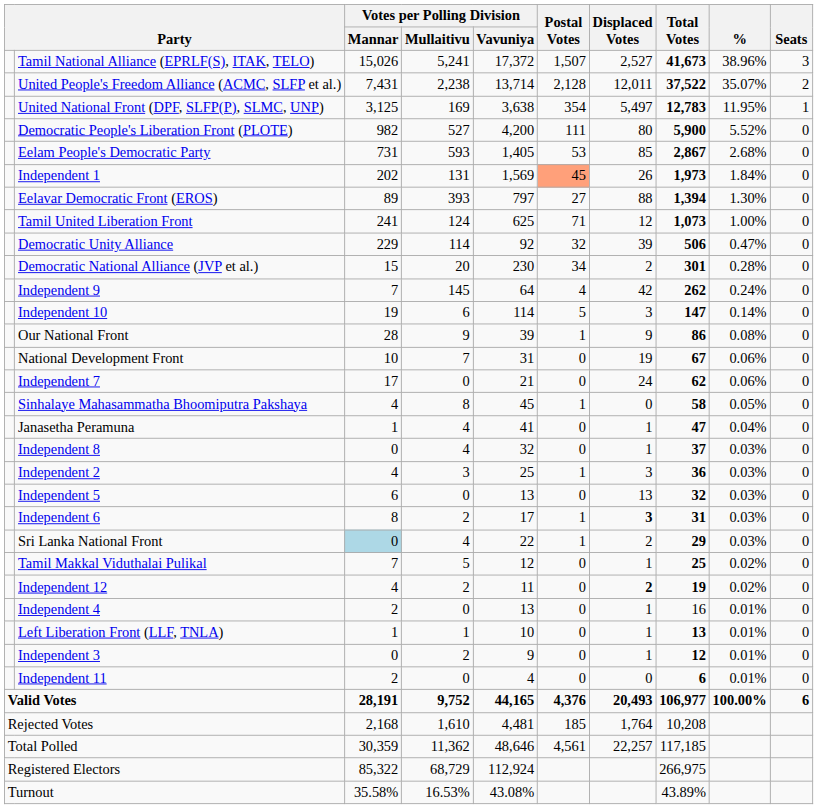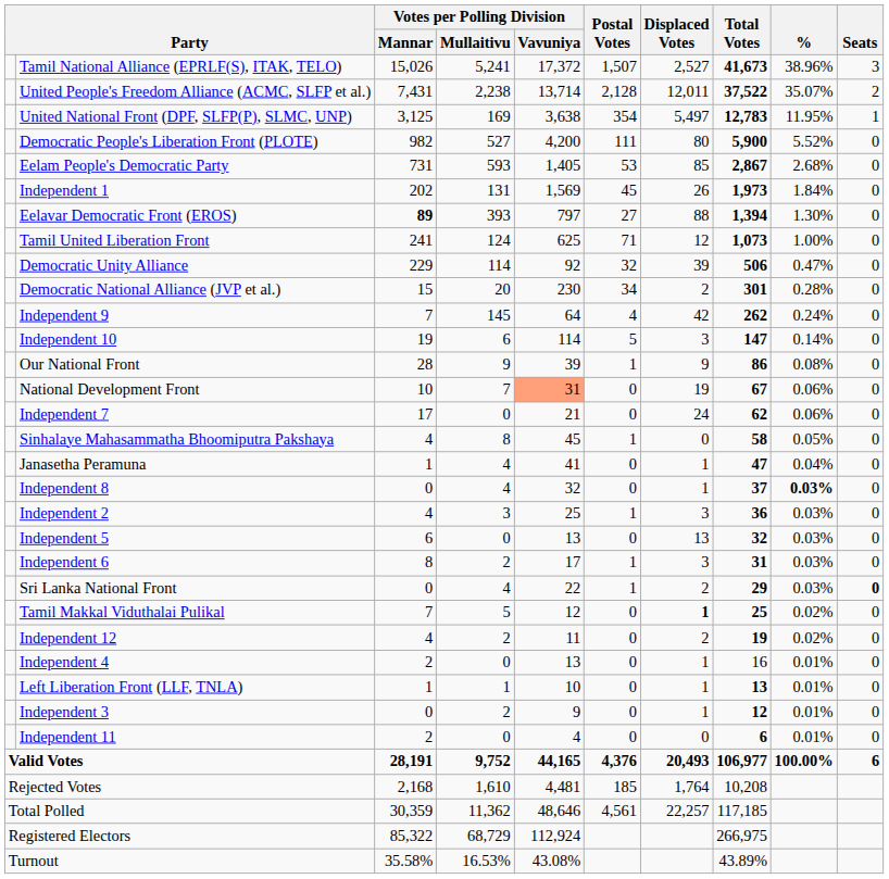 <table class="wikitable" border="1" style="text-align:right;">
 <tr>
 <th align=left valign=bottom rowspan=2 colspan=2>Party</th>
 <th colspan=3>Votes per Polling Division</th>
 <th align=center valign=bottom rowspan=2 width="50">Postal<br>Votes</th>
 <th align=center valign=bottom rowspan=2 width="50">Displaced<br>Votes</th>
 <th align=center valign=bottom rowspan=2 width="50">Total Votes</th>
 <th align=center valign=bottom rowspan=2 width="50">%</th>
 <th align=center valign=bottom rowspan=2 width="40">Seats</th>
 </tr>
 <tr>
 <th align=center valign=bottom width="50">Mannar</th>
 <th align=center valign=bottom width="50">Mullaitivu</th>
 <th align=center valign=bottom width="50">Vavuniya</th>
 </tr>
 <tr>
 <td bgcolor=> </td>
 <td align=left><a href='#'>Tamil National Alliance</a> (<a href='#'>EPRLF(S)</a>, <a href='#'>ITAK</a>, <a href='#'>TELO</a>)</td>
 <td>15,026</td>
 <td>5,241</td>
 <td>17,372</td>
 <td>1,507</td>
 <td>2,527</td>
 <td><strong>41,673</strong></td>
 <td>38.96%</td>
 <td>3</td>
 </tr>
 <tr>
 <td bgcolor=> </td>
 <td align=left><a href='#'>United People's Freedom Alliance</a> (<a href='#'>ACMC</a>, <a href='#'>SLFP</a> et al.)</td>
 <td>7,431</td>
 <td>2,238</td>
 <td>13,714</td>
 <td>2,128</td>
 <td>12,011</td>
 <td><strong>37,522</strong></td>
 <td>35.07%</td>
 <td>2</td>
 </tr>
 <tr>
 <td bgcolor=> </td>
 <td align=left><a href='#'>United National Front</a> (<a href='#'>DPF</a>, <a href='#'>SLFP(P)</a>, <a href='#'>SLMC</a>, <a href='#'>UNP</a>)</td>
 <td>3,125</td>
 <td>169</td>
 <td>3,638</td>
 <td>354</td>
 <td>5,497</td>
 <td><strong>12,783</strong></td>
 <td>11.95%</td>
 <td>1</td>
 </tr>
 <tr>
 <td bgcolor=> </td>
 <td align=left><a href='#'>Democratic People's Liberation Front</a> (<a href='#'>PLOTE</a>)</td>
 <td>982</td>
 <td>527</td>
 <td>4,200</td>
 <td>111</td>
 <td>80</td>
 <td><strong>5,900</strong></td>
 <td>5.52%</td>
 <td>0</td>
 </tr>
 <tr>
 <td bgcolor=> </td>
 <td align=left><a href='#'>Eelam People's Democratic Party</a></td>
 <td>731</td>
 <td>593</td>
 <td>1,405</td>
 <td>53</td>
 <td>85</td>
 <td><strong>2,867</strong></td>
 <td>2.68%</td>
 <td>0</td>
 </tr>
 <tr>
 <td bgcolor=> </td>
 <td align=left><a href='#'>Independent 1</a></td>
 <td>202</td>
 <td>131</td>
 <td>1,569</td>
-<td style="background: lightsalmon;">45</td>
+<td>45</td>
 <td>26</td>
 <td><strong>1,973</strong></td>
 <td>1.84%</td>
 <td>0</td>
 </tr>
 <tr>
 <td bgcolor=> </td>
 <td align=left><a href='#'>Eelavar Democratic Front</a> (<a href='#'>EROS</a>)</td>
-<td>89</td>
+<td><strong>89</strong></td>
 <td>393</td>
 <td>797</td>
 <td>27</td>
 <td>88</td>
 <td><strong>1,394</strong></td>
 <td>1.30%</td>
 <td>0</td>
 </tr>
 <tr>
 <td bgcolor=> </td>
 <td align=left><a href='#'>Tamil United Liberation Front</a></td>
 <td>241</td>
 <td>124</td>
 <td>625</td>
 <td>71</td>
 <td>12</td>
 <td><strong>1,073</strong></td>
 <td>1.00%</td>
 <td>0</td>
 </tr>
 <tr>
 <td bgcolor=> </td>
 <td align=left><a href='#'>Democratic Unity Alliance</a></td>
 <td>229</td>
 <td>114</td>
 <td>92</td>
 <td>32</td>
 <td>39</td>
 <td><strong>506</strong></td>
 <td>0.47%</td>
 <td>0</td>
 </tr>
 <tr>
 <td bgcolor=> </td>
 <td align=left><a href='#'>Democratic National Alliance</a> (<a href='#'>JVP</a> et al.)</td>
 <td>15</td>
 <td>20</td>
 <td>230</td>
 <td>34</td>
 <td>2</td>
 <td><strong>301</strong></td>
 <td>0.28%</td>
 <td>0</td>
 </tr>
 <tr>
 <td bgcolor=> </td>
 <td align=left><a href='#'>Independent 9</a></td>
 <td>7</td>
 <td>145</td>
 <td>64</td>
 <td>4</td>
 <td>42</td>
 <td><strong>262</strong></td>
 <td>0.24%</td>
 <td>0</td>
 </tr>
 <tr>
 <td bgcolor=> </td>
 <td align=left><a href='#'>Independent 10</a></td>
 <td>19</td>
 <td>6</td>
 <td>114</td>
 <td>5</td>
 <td>3</td>
 <td><strong>147</strong></td>
 <td>0.14%</td>
 <td>0</td>
 </tr>
 <tr>
 <td></td>
 <td align=left>Our National Front</td>
 <td>28</td>
 <td>9</td>
 <td>39</td>
 <td>1</td>
 <td>9</td>
 <td><strong>86</strong></td>
 <td>0.08%</td>
 <td>0</td>
 </tr>
 <tr>
 <td></td>
 <td align=left>National Development Front</td>
 <td>10</td>
 <td>7</td>
-<td>31</td>
+<td style="background: lightsalmon;">31</td>
 <td>0</td>
 <td>19</td>
 <td><strong>67</strong></td>
 <td>0.06%</td>
 <td>0</td>
 </tr>
 <tr>
 <td bgcolor=> </td>
 <td align=left><a href='#'>Independent 7</a></td>
 <td>17</td>
 <td>0</td>
 <td>21</td>
 <td>0</td>
 <td>24</td>
 <td><strong>62</strong></td>
 <td>0.06%</td>
 <td>0</td>
 </tr>
 <tr>
 <td bgcolor=> </td>
 <td align=left><a href='#'>Sinhalaye Mahasammatha Bhoomiputra Pakshaya</a></td>
 <td>4</td>
 <td>8</td>
 <td>45</td>
 <td>1</td>
 <td>0</td>
 <td><strong>58</strong></td>
 <td>0.05%</td>
 <td>0</td>
 </tr>
 <tr>
 <td></td>
 <td align=left>Janasetha Peramuna</td>
 <td>1</td>
 <td>4</td>
 <td>41</td>
 <td>0</td>
 <td>1</td>
 <td><strong>47</strong></td>
 <td>0.04%</td>
 <td>0</td>
 </tr>
 <tr>
 <td bgcolor=> </td>
 <td align=left><a href='#'>Independent 8</a></td>
 <td>0</td>
 <td>4</td>
 <td>32</td>
 <td>0</td>
 <td>1</td>
 <td><strong>37</strong></td>
-<td>0.03%</td>
+<td><strong>0.03%</strong></td>
 <td>0</td>
 </tr>
 <tr>
 <td bgcolor=> </td>
 <td align=left><a href='#'>Independent 2</a></td>
 <td>4</td>
 <td>3</td>
 <td>25</td>
 <td>1</td>
 <td>3</td>
 <td><strong>36</strong></td>
 <td>0.03%</td>
 <td>0</td>
 </tr>
 <tr>
 <td bgcolor=> </td>
 <td align=left><a href='#'>Independent 5</a></td>
 <td>6</td>
 <td>0</td>
 <td>13</td>
 <td>0</td>
 <td>13</td>
 <td><strong>32</strong></td>
 <td>0.03%</td>
 <td>0</td>
 </tr>
 <tr>
 <td bgcolor=> </td>
 <td align=left><a href='#'>Independent 6</a></td>
 <td>8</td>
 <td>2</td>
 <td>17</td>
 <td>1</td>
-<td><strong>3</strong></td>
+<td>3</td>
 <td><strong>31</strong></td>
 <td>0.03%</td>
 <td>0</td>
 </tr>
 <tr>
 <td></td>
 <td align=left>Sri Lanka National Front</td>
-<td style="background: lightblue;">0</td>
+<td>0</td>
 <td>4</td>
 <td>22</td>
 <td>1</td>
 <td>2</td>
 <td><strong>29</strong></td>
 <td>0.03%</td>
-<td>0</td>
+<td><strong>0</strong></td>
 </tr>
 <tr>
 <td></td>
 <td align=left><a href='#'>Tamil Makkal Viduthalai Pulikal</a></td>
 <td>7</td>
 <td>5</td>
 <td>12</td>
 <td>0</td>
-<td>1</td>
+<td><strong>1</strong></td>
 <td><strong>25</strong></td>
 <td>0.02%</td>
 <td>0</td>
 </tr>
 <tr>
 <td bgcolor=> </td>
 <td align=left><a href='#'>Independent 12</a></td>
 <td>4</td>
 <td>2</td>
 <td>11</td>
 <td>0</td>
-<td><strong>2</strong></td>
+<td>2</td>
 <td><strong>19</strong></td>
 <td>0.02%</td>
 <td>0</td>
 </tr>
 <tr>
 <td bgcolor=> </td>
 <td align=left><a href='#'>Independent 4</a></td>
 <td>2</td>
 <td>0</td>
 <td>13</td>
 <td>0</td>
 <td>1</td>
 <td>16</td>
 <td>0.01%</td>
 <td>0</td>
 </tr>
 <tr>
 <td bgcolor=> </td>
 <td align=left><a href='#'>Left Liberation Front</a> (<a href='#'>LLF</a>, <a href='#'>TNLA</a>)</td>
 <td>1</td>
 <td>1</td>
 <td>10</td>
 <td>0</td>
 <td>1</td>
 <td><strong>13</strong></td>
 <td>0.01%</td>
 <td>0</td>
 </tr>
 <tr>
 <td bgcolor=> </td>
 <td align=left><a href='#'>Independent 3</a></td>
 <td>0</td>
 <td>2</td>
 <td>9</td>
 <td>0</td>
 <td>1</td>
 <td><strong>12</strong></td>
 <td>0.01%</td>
 <td>0</td>
 </tr>
 <tr>
 <td bgcolor=> </td>
 <td align=left><a href='#'>Independent 11</a></td>
 <td>2</td>
 <td>0</td>
 <td>4</td>
 <td>0</td>
 <td>0</td>
 <td><strong>6</strong></td>
 <td>0.01%</td>
 <td>0</td>
 </tr>
 <tr>
 <td align=left colspan=2><strong>Valid Votes</strong></td>
 <td><strong>28,191</strong></td>
 <td><strong>9,752</strong></td>
 <td><strong>44,165</strong></td>
 <td><strong>4,376</strong></td>
 <td><strong>20,493</strong></td>
 <td><strong>106,977</strong></td>
 <td><strong>100.00%</strong></td>
 <td><strong>6</strong></td>
 </tr>
 <tr>
 <td align=left colspan=2>Rejected Votes</td>
 <td>2,168</td>
 <td>1,610</td>
 <td>4,481</td>
 <td>185</td>
 <td>1,764</td>
 <td>10,208</td>
 <td></td>
 <td></td>
 </tr>
 <tr>
 <td align=left colspan=2>Total Polled</td>
 <td>30,359</td>
 <td>11,362</td>
 <td>48,646</td>
 <td>4,561</td>
 <td>22,257</td>
 <td>117,185</td>
 <td></td>
 <td></td>
 </tr>
 <tr>
 <td align=left colspan=2>Registered Electors</td>
 <td>85,322</td>
 <td>68,729</td>
 <td>112,924</td>
 <td></td>
 <td></td>
 <td>266,975</td>
 <td></td>
 <td></td>
 </tr>
 <tr>
 <td align=left colspan=2>Turnout</td>
 <td>35.58%</td>
 <td>16.53%</td>
 <td>43.08%</td>
 <td></td>
 <td></td>
 <td>43.89%</td>
 <td></td>
 <td></td>
 </tr>
 </table>
